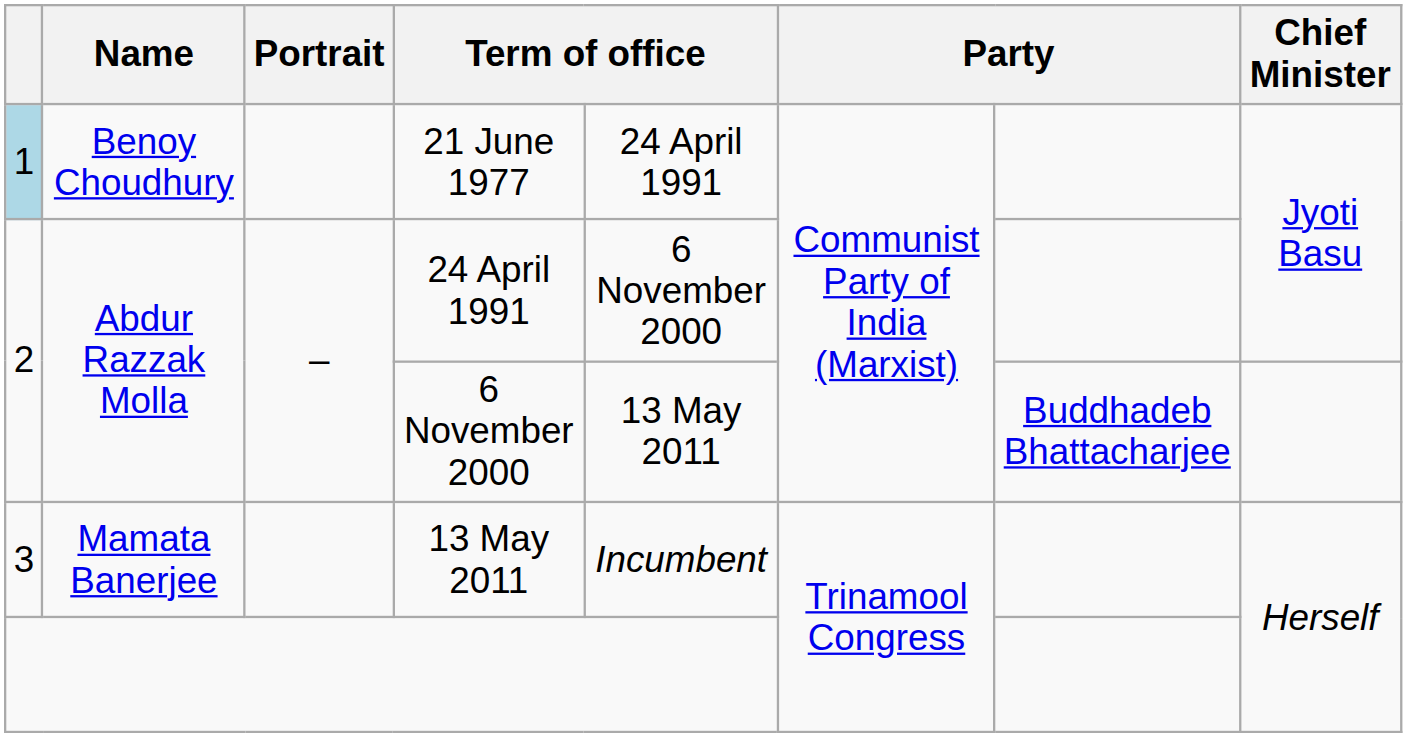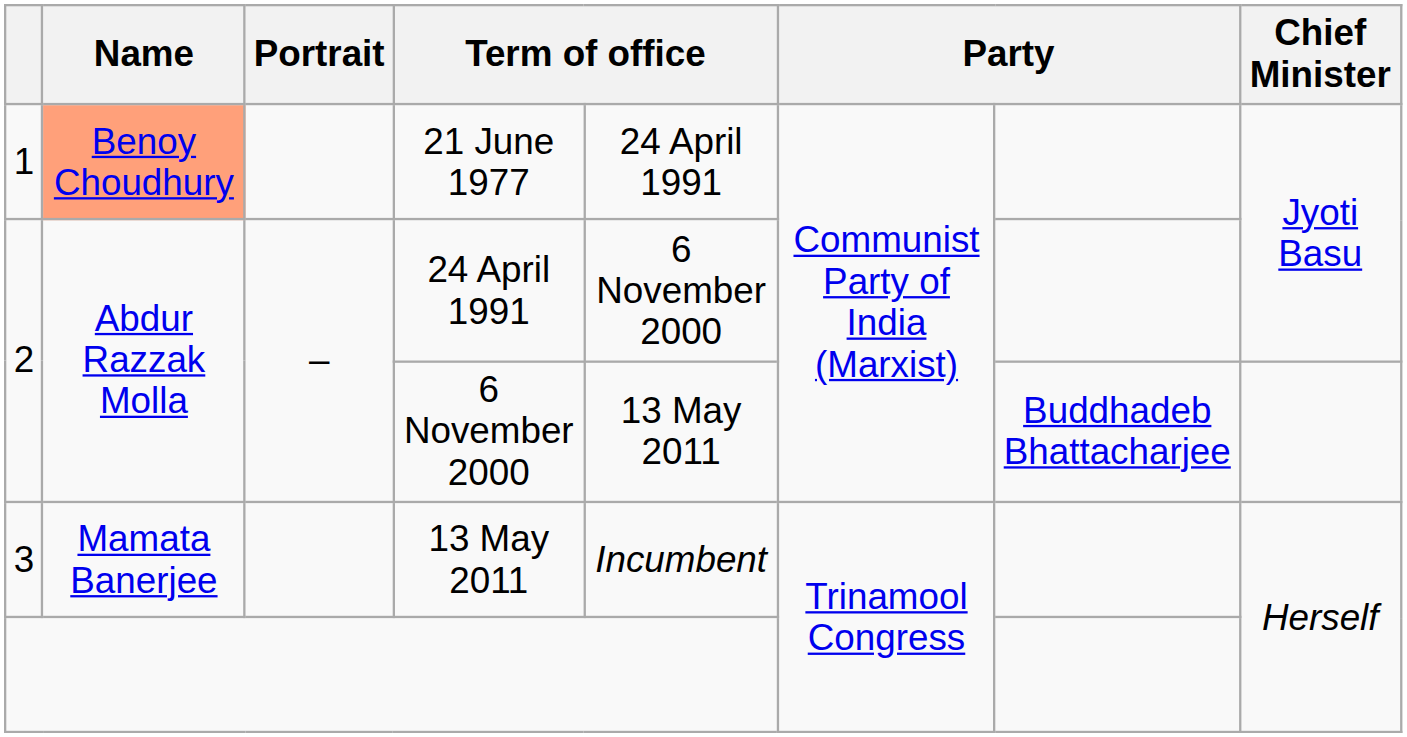 <table class="wikitable" style="text-align:center">
 <tr>
 <th></th>
 <th>Name</th>
 <th>Portrait</th>
 <th colspan=2>Term of office</th>
 <th colspan=2>Party</th>
 <th>Chief Minister</th>
 </tr>
 <tr style="height: 50px;">
-<td style="background: lightblue;">1</td>
-<td><a href='#'>Benoy Choudhury</a></td>
+<td>1</td>
+<td style="background: lightsalmon;"><a href='#'>Benoy Choudhury</a></td>
 <td></td>
 <td>21 June 1977</td>
 <td>24 April 1991</td>
 <td rowspan=3><a href='#'>Communist Party of India (Marxist)</a></td>
 <td width="4px"></td>
 <td rowspan=2><a href='#'>Jyoti Basu</a></td>
 </tr>
 <tr style="height: 50px;">
 <td rowspan=2>2</td>
 <td rowspan=2><a href='#'>Abdur Razzak Molla</a></td>
 <td rowspan=2>–</td>
 <td>24 April 1991</td>
 <td>6 November 2000</td>
 </tr>
 <tr style="height: 50px;">
 <td>6 November 2000</td>
 <td>13 May 2011</td>
 <td rowspan=1><a href='#'>Buddhadeb Bhattacharjee</a></td>
 </tr>
 <tr style="height: 50px;">
 <td>3</td>
 <td><a href='#'>Mamata Banerjee</a></td>
 <td></td>
 <td>13 May 2011</td>
 <td><em>Incumbent</em></td>
 <td rowspan=3><a href='#'>Trinamool Congress</a></td>
 <td width="4px"></td>
 <td rowspan=2><em>Herself</em></td>
 </tr>
 <tr style="height: 50px;">
 </tr>
 </table>
